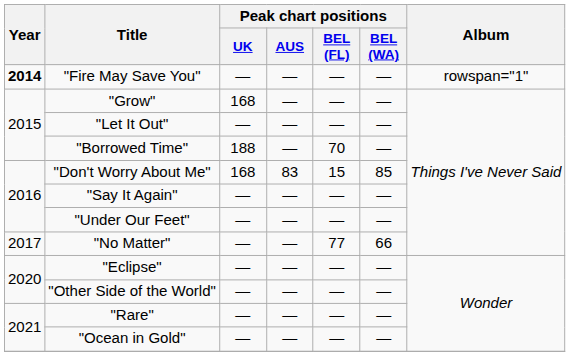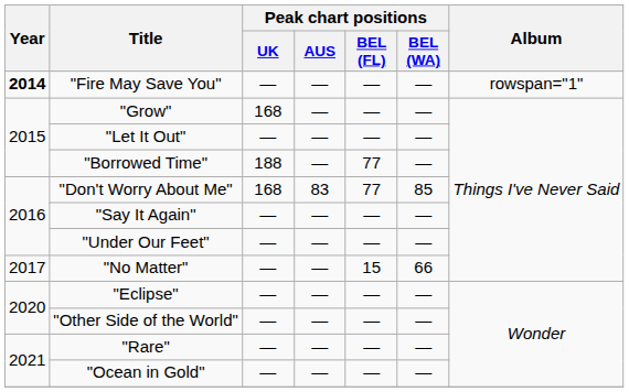 <table class="wikitable plainrowheaders" style="text-align:center;">
 <tr>
 <th scope="col" rowspan="2">Year</th>
 <th scope="col" rowspan="2">Title</th>
 <th scope="col" colspan="4">Peak chart positions</th>
 <th scope="col" rowspan="2">Album</th>
 </tr>
 <tr>
 <th scope="col" style="width:3em;font-size:90%;"><a href='#'>UK</a><br></th>
 <th scope="col" style="width:3em;font-size:90%;"><a href='#'>AUS</a><br></th>
 <th scope="col" style="width:3em;font-size:90%;"><a href='#'>BEL (FL)</a><br></th>
 <th scope="col" style="width:3em;font-size:90%;"><a href='#'>BEL (WA)</a><br></th>
 </tr>
 <tr>
 <td rowspan="1"><strong>2014</strong></td>
 <td>"Fire May Save You"</td>
 <td>—</td>
 <td>—</td>
 <td>—</td>
 <td>—</td>
 <td>rowspan="1" </td>
 </tr>
 <tr>
 <td rowspan="3">2015</td>
 <td>"Grow"</td>
 <td>168</td>
 <td>—</td>
 <td>—</td>
 <td>—</td>
 <td rowspan="7"><em>Things I've Never Said</em></td>
 </tr>
 <tr>
 <td>"Let It Out"</td>
 <td>—</td>
 <td>—</td>
 <td>—</td>
 <td>—</td>
 </tr>
 <tr>
 <td>"Borrowed Time"</td>
 <td>188</td>
 <td>—</td>
-<td>70</td>
+<td>77</td>
 <td>—</td>
 </tr>
 <tr>
 <td rowspan="3">2016</td>
 <td>"Don't Worry About Me"</td>
 <td>168</td>
 <td>83</td>
-<td>15</td>
+<td>77</td>
 <td>85</td>
 </tr>
 <tr>
 <td>"Say It Again"</td>
 <td>—</td>
 <td>—</td>
 <td>—</td>
 <td>—</td>
 </tr>
 <tr>
 <td>"Under Our Feet"</td>
 <td>—</td>
 <td>—</td>
 <td>—</td>
 <td>—</td>
 </tr>
 <tr>
 <td>2017</td>
 <td>"No Matter"</td>
 <td>—</td>
 <td>—</td>
-<td>77</td>
+<td>15</td>
 <td>66</td>
 </tr>
 <tr>
 <td rowspan="2">2020</td>
 <td>"Eclipse"</td>
 <td>—</td>
 <td>—</td>
 <td>—</td>
 <td>—</td>
 <td rowspan="4"><em>Wonder</em></td>
 </tr>
 <tr>
 <td>"Other Side of the World"</td>
 <td>—</td>
 <td>—</td>
 <td>—</td>
 <td>—</td>
 </tr>
 <tr>
 <td rowspan="2">2021</td>
 <td>"Rare"</td>
 <td>—</td>
 <td>—</td>
 <td>—</td>
 <td>—</td>
 </tr>
 <tr>
 <td>"Ocean in Gold"</td>
 <td>—</td>
 <td>—</td>
 <td>—</td>
 <td>—</td>
 </tr>
 <tr>
 </tr>
 </table>
